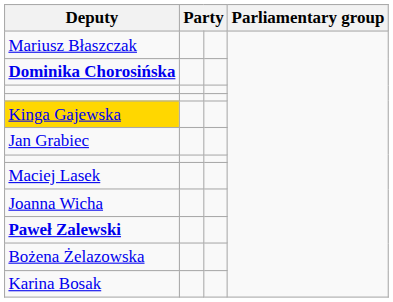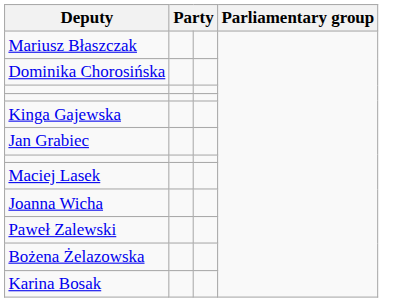 <table class="wikitable">
 <tr>
 <th>Deputy</th>
 <th colspan="2">Party</th>
 <th colspan="2">Parliamentary group</th>
 </tr>
 <tr>
 <td><a href='#'>Mariusz Błaszczak</a></td>
 <td></td>
 <td></td>
 </tr>
 <tr>
-<td><strong><a href='#'>Dominika Chorosińska</a></strong></td>
+<td><a href='#'>Dominika Chorosińska</a></td>
 <td></td>
 <td></td>
 </tr>
 <tr>
 <td></td>
 <td></td>
 <td></td>
 </tr>
 <tr>
 <td></td>
 <td></td>
 <td></td>
 </tr>
 <tr>
-<td style="background: gold;"><a href='#'>Kinga Gajewska</a></td>
+<td><a href='#'>Kinga Gajewska</a></td>
 <td></td>
 <td></td>
 </tr>
 <tr>
 <td><a href='#'>Jan Grabiec</a></td>
 <td></td>
 <td></td>
 </tr>
 <tr>
 <td></td>
 <td></td>
 <td></td>
 </tr>
 <tr>
 <td><a href='#'>Maciej Lasek</a></td>
 <td></td>
 <td></td>
 </tr>
 <tr>
 <td><a href='#'>Joanna Wicha</a></td>
 <td></td>
 <td></td>
 </tr>
 <tr>
-<td><strong><a href='#'>Paweł Zalewski</a></strong></td>
+<td><a href='#'>Paweł Zalewski</a></td>
 <td></td>
 <td></td>
 </tr>
 <tr>
 <td><a href='#'>Bożena Żelazowska</a></td>
 <td></td>
 <td></td>
 </tr>
 <tr>
 <td><a href='#'>Karina Bosak</a></td>
 <td></td>
 <td></td>
 </tr>
 </table>
